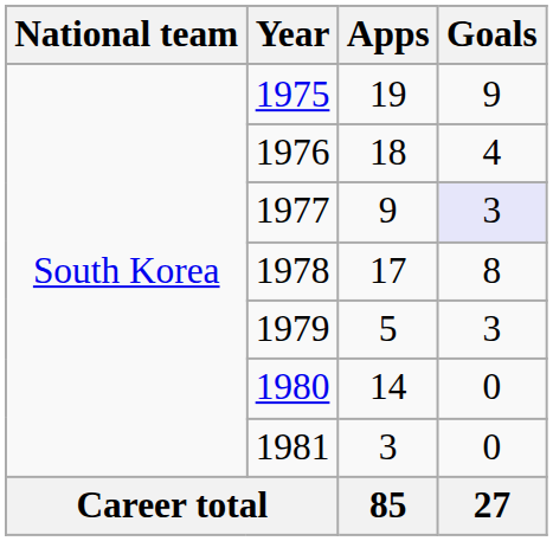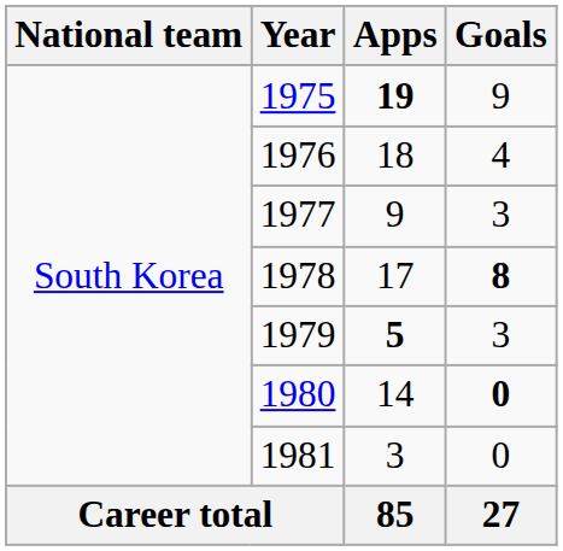 <table class="wikitable" style="text-align:center">
 <tr>
 <th>National team</th>
 <th>Year</th>
 <th>Apps</th>
 <th>Goals</th>
 </tr>
 <tr>
 <td rowspan="7"><a href='#'>South Korea</a></td>
 <td><a href='#'>1975</a></td>
-<td>19</td>
+<td><strong>19</strong></td>
 <td>9</td>
 </tr>
 <tr>
 <td>1976</td>
 <td>18</td>
 <td>4</td>
 </tr>
 <tr>
 <td>1977</td>
 <td>9</td>
-<td style="background: lavender;">3</td>
+<td>3</td>
 </tr>
 <tr>
 <td>1978</td>
 <td>17</td>
-<td>8</td>
+<td><strong>8</strong></td>
 </tr>
 <tr>
 <td>1979</td>
-<td>5</td>
+<td><strong>5</strong></td>
 <td>3</td>
 </tr>
 <tr>
 <td><a href='#'>1980</a></td>
 <td>14</td>
-<td>0</td>
+<td><strong>0</strong></td>
 </tr>
 <tr>
 <td>1981</td>
 <td>3</td>
 <td>0</td>
 </tr>
 <tr>
 <th colspan="2">Career total</th>
 <th>85</th>
 <th>27</th>
 </tr>
 </table>
